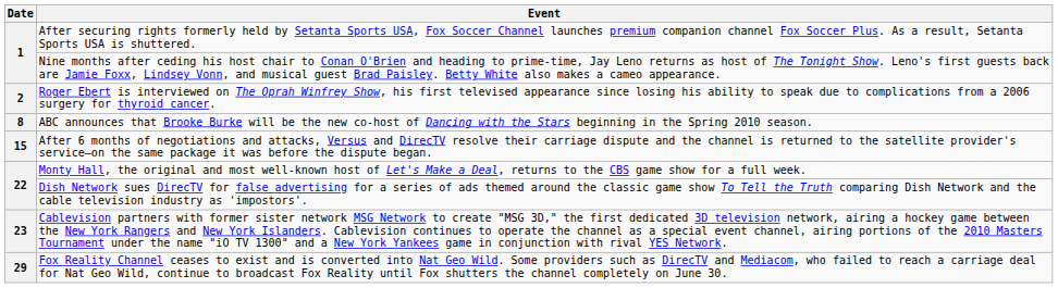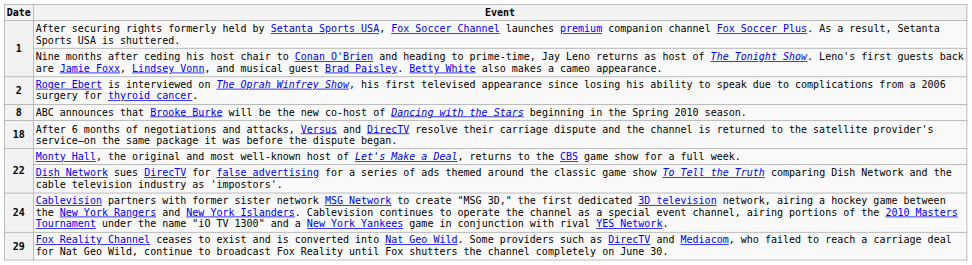 <table class="wikitable">
 <tr>
 <th>Date</th>
 <th>Event</th>
 </tr>
 <tr>
 <th style="text-align:center;" rowspan="2"><strong>1</strong></th>
 <td>After securing rights formerly held by <a href='#'>Setanta Sports USA</a>, <a href='#'>Fox Soccer Channel</a> launches <a href='#'>premium</a> companion channel <a href='#'>Fox Soccer Plus</a>. As a result, Setanta Sports USA is shuttered.</td>
 </tr>
 <tr>
 <td>Nine months after ceding his host chair to <a href='#'>Conan O'Brien</a> and heading to prime-time, Jay Leno returns as host of <em><a href='#'>The Tonight Show</a></em>. Leno's first guests back are <a href='#'>Jamie Foxx</a>, <a href='#'>Lindsey Vonn</a>, and musical guest <a href='#'>Brad Paisley</a>.  <a href='#'>Betty White</a> also makes a cameo appearance.</td>
 </tr>
 <tr>
 <th style="text-align:center;"><strong>2</strong></th>
 <td><a href='#'>Roger Ebert</a> is interviewed on <em><a href='#'>The Oprah Winfrey Show</a></em>, his first televised appearance since losing his ability to speak due to complications from a 2006 surgery for <a href='#'>thyroid cancer</a>.</td>
 </tr>
 <tr>
 <th style="text-align:center;"><strong>8</strong></th>
 <td>ABC announces that <a href='#'>Brooke Burke</a> will be the new co-host of <em><a href='#'>Dancing with the Stars</a></em> beginning in the Spring 2010 season.</td>
 </tr>
 <tr>
-<th style="text-align:center;"><strong>15</strong></th>
+<th style="text-align:center;"><strong>18</strong></th>
 <td>After 6 months of negotiations and attacks, <a href='#'>Versus</a> and <a href='#'>DirecTV</a> resolve their carriage dispute and the channel is returned to the satellite provider's service—on the same package it was before the dispute began.</td>
 </tr>
 <tr>
 <th style="text-align:center;" rowspan="2"><strong>22</strong></th>
 <td><a href='#'>Monty Hall</a>, the original and most well-known host of <em><a href='#'>Let's Make a Deal</a></em>, returns to the <a href='#'>CBS</a> game show for a full week.</td>
 </tr>
 <tr>
 <td><a href='#'>Dish Network</a> sues <a href='#'>DirecTV</a> for <a href='#'>false advertising</a> for a series of ads themed around the classic game show <em><a href='#'>To Tell the Truth</a></em> comparing Dish Network and the cable television industry as 'impostors'.</td>
 </tr>
 <tr>
-<th style="text-align:center;"><strong>23</strong></th>
+<th style="text-align:center;"><strong>24</strong></th>
 <td><a href='#'>Cablevision</a> partners with former sister network <a href='#'>MSG Network</a> to create "MSG 3D," the first dedicated <a href='#'>3D television</a> network, airing a hockey game between the <a href='#'>New York Rangers</a> and <a href='#'>New York Islanders</a>. Cablevision continues to operate the channel as a special event channel, airing portions of the <a href='#'>2010 Masters Tournament</a> under the name "iO TV 1300" and a <a href='#'>New York Yankees</a> game in conjunction with rival <a href='#'>YES Network</a>.</td>
 </tr>
 <tr>
 <th style="text-align:center;"><strong>29</strong></th>
 <td><a href='#'>Fox Reality Channel</a> ceases to exist and is converted into <a href='#'>Nat Geo Wild</a>. Some providers such as <a href='#'>DirecTV</a> and <a href='#'>Mediacom</a>, who failed to reach a carriage deal for Nat Geo Wild, continue to broadcast Fox Reality until Fox shutters the channel completely on June 30.</td>
 </tr>
 </table>
